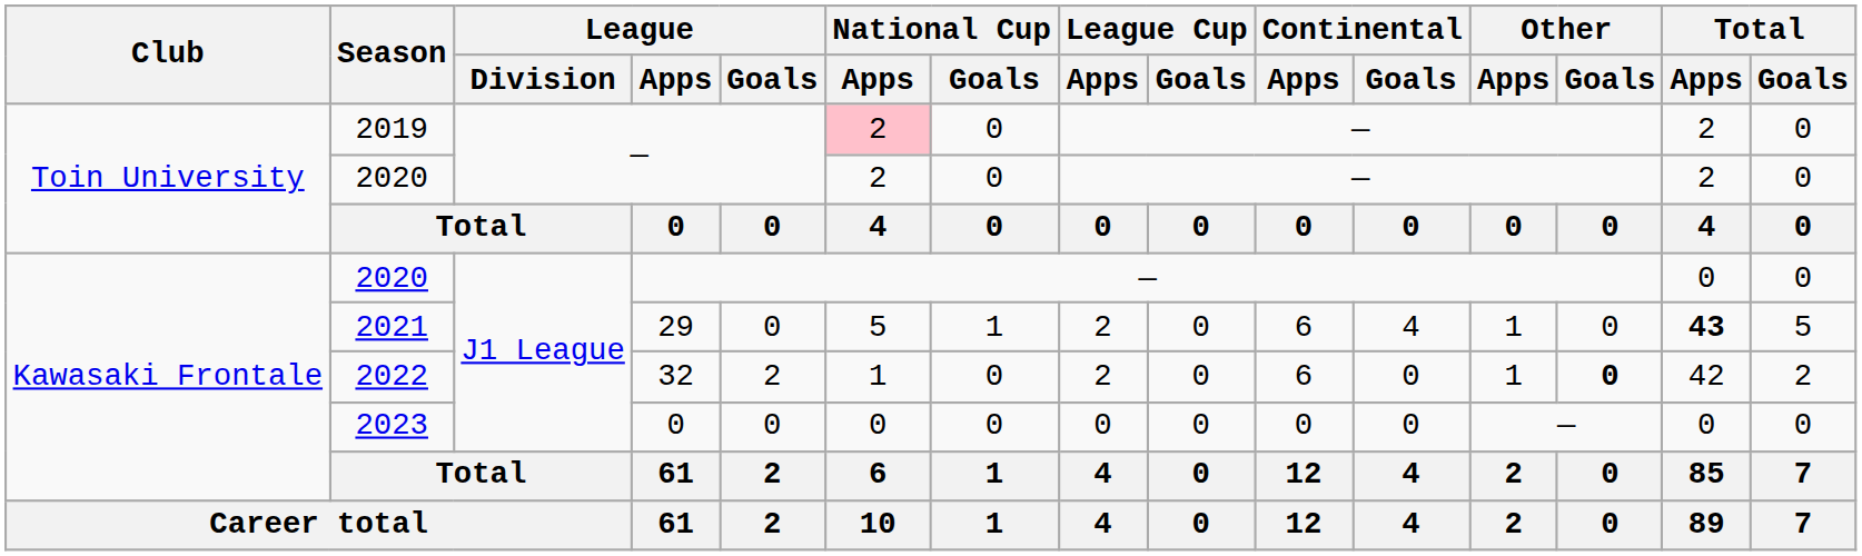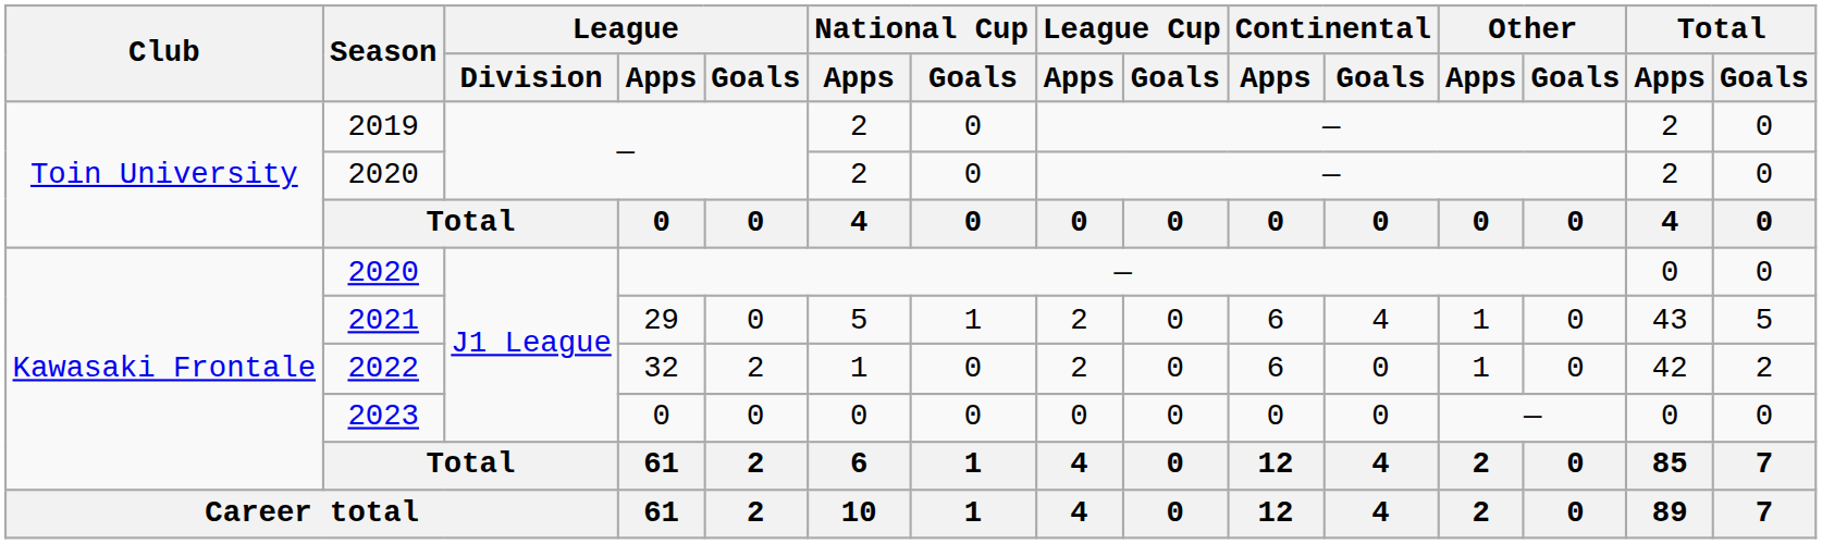 <table class="wikitable" style="text-align: center">
 <tr>
 <th rowspan="2">Club</th>
 <th rowspan="2">Season</th>
 <th colspan="3">League</th>
 <th colspan="2">National Cup</th>
 <th colspan="2">League Cup</th>
 <th colspan="2">Continental</th>
 <th colspan="2">Other</th>
 <th colspan="2">Total</th>
 </tr>
 <tr>
 <th>Division</th>
 <th>Apps</th>
 <th>Goals</th>
 <th>Apps</th>
 <th>Goals</th>
 <th>Apps</th>
 <th>Goals</th>
 <th>Apps</th>
 <th>Goals</th>
 <th>Apps</th>
 <th>Goals</th>
 <th>Apps</th>
 <th>Goals</th>
 </tr>
 <tr>
 <td rowspan="3"><a href='#'>Toin University</a></td>
 <td>2019</td>
 <td rowspan="2" colspan="3">—</td>
-<td style="background: pink;">2</td>
+<td>2</td>
 <td>0</td>
 <td colspan="6">—</td>
 <td>2</td>
 <td>0</td>
 </tr>
 <tr>
 <td>2020</td>
 <td>2</td>
 <td>0</td>
 <td colspan="6">—</td>
 <td>2</td>
 <td>0</td>
 </tr>
 <tr>
 <th colspan=2>Total</th>
 <th>0</th>
 <th>0</th>
 <th>4</th>
 <th>0</th>
 <th>0</th>
 <th>0</th>
 <th>0</th>
 <th>0</th>
 <th>0</th>
 <th>0</th>
 <th>4</th>
 <th>0</th>
 </tr>
 <tr>
 <td rowspan="5"><a href='#'>Kawasaki Frontale</a></td>
 <td><a href='#'>2020</a></td>
 <td rowspan="4"><a href='#'>J1 League</a></td>
 <td colspan="10">—</td>
 <td>0</td>
 <td>0</td>
 </tr>
 <tr>
 <td><a href='#'>2021</a></td>
 <td>29</td>
 <td>0</td>
 <td>5</td>
 <td>1</td>
 <td>2</td>
 <td>0</td>
 <td>6</td>
 <td>4</td>
 <td>1</td>
 <td>0</td>
-<td><strong>43</strong></td>
+<td>43</td>
 <td>5</td>
 </tr>
 <tr>
 <td><a href='#'>2022</a></td>
 <td>32</td>
 <td>2</td>
 <td>1</td>
 <td>0</td>
 <td>2</td>
 <td>0</td>
 <td>6</td>
 <td>0</td>
 <td>1</td>
-<td><strong>0</strong></td>
+<td>0</td>
 <td>42</td>
 <td>2</td>
 </tr>
 <tr>
 <td><a href='#'>2023</a></td>
 <td>0</td>
 <td>0</td>
 <td>0</td>
 <td>0</td>
 <td>0</td>
 <td>0</td>
 <td>0</td>
 <td>0</td>
 <td colspan="2">—</td>
 <td>0</td>
 <td>0</td>
 </tr>
 <tr>
 <th colspan=2>Total</th>
 <th>61</th>
 <th>2</th>
 <th>6</th>
 <th>1</th>
 <th>4</th>
 <th>0</th>
 <th>12</th>
 <th>4</th>
 <th>2</th>
 <th>0</th>
 <th>85</th>
 <th>7</th>
 </tr>
 <tr>
 <th colspan=3>Career total</th>
 <th>61</th>
 <th>2</th>
 <th>10</th>
 <th>1</th>
 <th>4</th>
 <th>0</th>
 <th>12</th>
 <th>4</th>
 <th>2</th>
 <th>0</th>
 <th>89</th>
 <th>7</th>
 </tr>
 </table>
